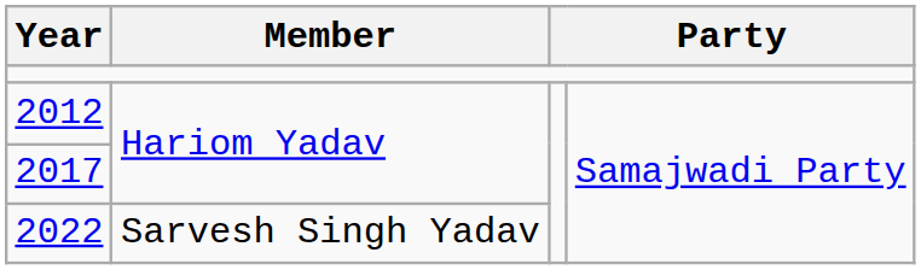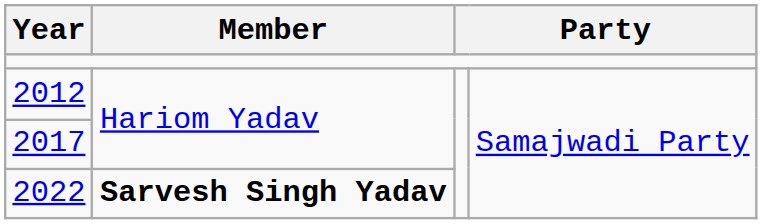 <table class="wikitable">
 <tr>
 <th>Year</th>
 <th>Member</th>
 <th colspan="2">Party</th>
 </tr>
 <tr>
 <td colspan="4"></td>
 </tr>
 <tr>
 <td><a href='#'>2012</a></td>
 <td rowspan="2"><a href='#'>Hariom Yadav</a></td>
 <td rowspan="3" style="background-color: "></td>
 <td rowspan="3"><a href='#'>Samajwadi Party</a></td>
 </tr>
 <tr>
 <td><a href='#'>2017</a></td>
 </tr>
 <tr>
 <td><a href='#'>2022</a></td>
-<td>Sarvesh Singh Yadav</td>
+<td><strong>Sarvesh Singh Yadav</strong></td>
 </tr>
 </table>
